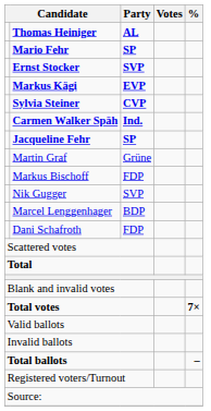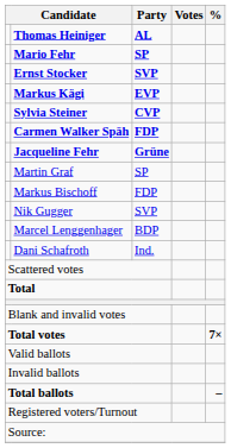 <table class="wikitable" style="text-align:right;">
 <tr>
 <th colspan="2">Candidate</th>
 <th>Party</th>
 <th>Votes</th>
 <th>%</th>
 </tr>
 <tr style="font-weight:bold;">
 <td style="background-color:"></td>
 <td style="text-align:left;"><a href='#'>Thomas Heiniger</a></td>
 <td style="text-align:left;"><a href='#'>AL</a></td>
 <td></td>
 <td></td>
 </tr>
 <tr style="font-weight:bold;">
 <td style="background-color:"></td>
 <td style="text-align:left;"><a href='#'>Mario Fehr</a></td>
 <td style="text-align:left;"><a href='#'>SP</a></td>
 <td></td>
 <td></td>
 </tr>
 <tr style="font-weight:bold;">
 <td style="background-color:"></td>
 <td style="text-align:left;"><a href='#'>Ernst Stocker</a></td>
 <td style="text-align:left;"><a href='#'>SVP</a></td>
 <td></td>
 <td></td>
 </tr>
 <tr style="font-weight:bold;">
 <td style="background-color:"></td>
 <td style="text-align:left;"><a href='#'>Markus Kägi</a></td>
 <td style="text-align:left;"><a href='#'>EVP</a></td>
 <td></td>
 <td></td>
 </tr>
 <tr style="font-weight:bold;">
 <td style="background-color:"></td>
 <td style="text-align:left;"><a href='#'>Sylvia Steiner</a></td>
 <td style="text-align:left;"><a href='#'>CVP</a></td>
 <td></td>
 <td></td>
 </tr>
 <tr style="font-weight:bold;">
 <td style="background-color:"></td>
 <td style="text-align:left;"><a href='#'>Carmen Walker Späh</a></td>
-<td style="text-align:left;"><a href='#'>Ind.</a></td>
+<td style="text-align:left;"><a href='#'>FDP</a></td>
 <td></td>
 <td></td>
 </tr>
 <tr style="font-weight:bold;">
 <td style="background-color:"></td>
 <td style="text-align:left;"><a href='#'>Jacqueline Fehr</a></td>
-<td style="text-align:left;"><a href='#'>SP</a></td>
+<td style="text-align:left;"><a href='#'>Grüne</a></td>
 <td></td>
 <td></td>
 </tr>
 <tr>
 <td style="background-color:"></td>
 <td style="text-align:left;"><a href='#'>Martin Graf</a></td>
-<td style="text-align:left;"><a href='#'>Grüne</a></td>
+<td style="text-align:left;"><a href='#'>SP</a></td>
 <td></td>
 <td></td>
 </tr>
 <tr>
 <td style="background-color:"></td>
 <td style="text-align:left;"><a href='#'>Markus Bischoff</a></td>
 <td style="text-align:left;"><a href='#'>FDP</a></td>
 <td></td>
 <td></td>
 </tr>
 <tr>
 <td style="background-color:"></td>
 <td style="text-align:left;"><a href='#'>Nik Gugger</a></td>
 <td style="text-align:left;"><a href='#'>SVP</a></td>
 <td></td>
 <td></td>
 </tr>
 <tr>
 <td style="background-color:"></td>
 <td style="text-align:left;"><a href='#'>Marcel Lenggenhager</a></td>
 <td style="text-align:left;"><a href='#'>BDP</a></td>
 <td></td>
 <td></td>
 </tr>
 <tr>
 <td style="background-color:"></td>
 <td style="text-align:left;"><a href='#'>Dani Schafroth</a></td>
-<td style="text-align:left;"><a href='#'>FDP</a></td>
+<td style="text-align:left;"><a href='#'>Ind.</a></td>
 <td></td>
 <td></td>
 </tr>
 <tr>
 <td colspan="3" style="text-align:left;">Scattered votes</td>
 <td></td>
 <td></td>
 </tr>
 <tr style="font-weight:bold;">
 <td colspan="3" style="text-align:left;">Total</td>
 <td></td>
 <td></td>
 </tr>
 <tr>
 <th colspan="10"></th>
 </tr>
 <tr>
 <td colspan="3" style="text-align:left;">Blank and invalid votes</td>
 <td></td>
 <td></td>
 </tr>
 <tr style="font-weight:bold;">
 <td colspan="3" style="text-align:left;">Total votes</td>
 <td></td>
 <td>7×</td>
 </tr>
 <tr>
 <td colspan="3" style="text-align:left;">Valid ballots</td>
 <td></td>
 <td></td>
 </tr>
 <tr>
 <td colspan="3" style="text-align:left;">Invalid ballots</td>
 <td></td>
 <td></td>
 </tr>
 <tr style="font-weight:bold;">
 <td colspan="3" style="text-align:left;">Total ballots</td>
 <td></td>
 <td>–</td>
 </tr>
 <tr>
 <td colspan="3" style="text-align:left;">Registered voters/Turnout</td>
 <td></td>
 <td></td>
 </tr>
 <tr>
 <td colspan="10" style="text-align:left;">Source: </td>
 </tr>
 <tr>
 </tr>
 </table>
